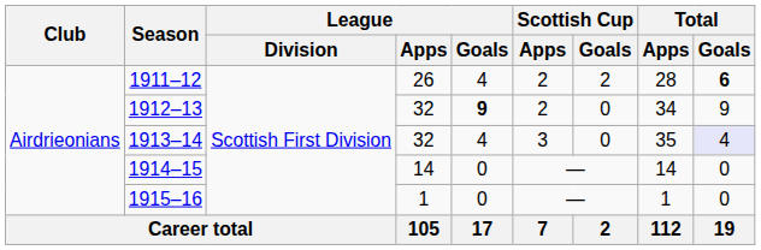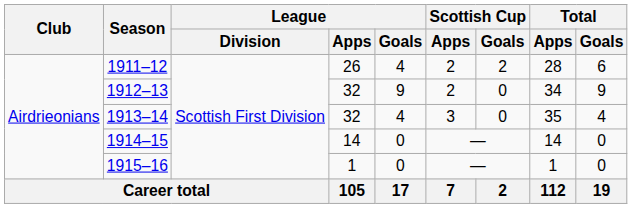 <table class="wikitable" style="text-align: center">
 <tr>
 <th rowspan="2">Club</th>
 <th rowspan="2">Season</th>
 <th colspan="3">League</th>
 <th colspan="2">Scottish Cup</th>
 <th colspan="2">Total</th>
 </tr>
 <tr>
 <th>Division</th>
 <th>Apps</th>
 <th>Goals</th>
 <th>Apps</th>
 <th>Goals</th>
 <th>Apps</th>
 <th>Goals</th>
 </tr>
 <tr>
 <td rowspan="5"><a href='#'>Airdrieonians</a></td>
 <td><a href='#'>1911–12</a></td>
 <td rowspan="5"><a href='#'>Scottish First Division</a></td>
 <td>26</td>
 <td>4</td>
 <td>2</td>
 <td>2</td>
 <td>28</td>
-<td><strong>6</strong></td>
+<td>6</td>
 </tr>
 <tr>
 <td><a href='#'>1912–13</a></td>
 <td>32</td>
-<td><strong>9</strong></td>
+<td>9</td>
 <td>2</td>
 <td>0</td>
 <td>34</td>
 <td>9</td>
 </tr>
 <tr>
 <td><a href='#'>1913–14</a></td>
 <td>32</td>
 <td>4</td>
 <td>3</td>
 <td>0</td>
 <td>35</td>
-<td style="background: lavender;">4</td>
+<td>4</td>
 </tr>
 <tr>
 <td><a href='#'>1914–15</a></td>
 <td>14</td>
 <td>0</td>
 <td colspan="2">―</td>
 <td>14</td>
 <td>0</td>
 </tr>
 <tr>
 <td><a href='#'>1915–16</a></td>
 <td>1</td>
 <td>0</td>
 <td colspan="2">―</td>
 <td>1</td>
 <td>0</td>
 </tr>
 <tr>
 <th colspan="3">Career total</th>
 <th>105</th>
 <th>17</th>
 <th>7</th>
 <th>2</th>
 <th>112</th>
 <th>19</th>
 </tr>
 </table>
